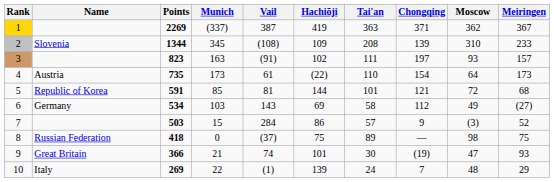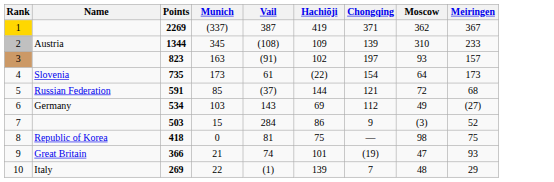 <table class="wikitable sortable">
 <tr>
 <th>Rank</th>
 <th width = "200">Name</th>
 <th>Points</th>
 <th width = "75" data-sort-type="number"><a href='#'>Munich</a></th>
 <th width = "75" data-sort-type="number"><a href='#'>Vail</a></th>
 <th width = "75" data-sort-type="number"><a href='#'>Hachiōji</a></th>
-<th width = "75" data-sort-type="number"><a href='#'>Tai'an</a></th>
 <th width = "75" data-sort-type="number"><a href='#'>Chongqing</a></th>
 <th width = "75" data-sort-type="number">Moscow</th>
 <th width = "75" data-sort-type="number"><a href='#'>Meiringen</a></th>
 </tr>
 <tr>
 <td align="center" style="background: gold">1</td>
 <td></td>
 <td align="center"><strong>2269</strong></td>
 <td align="center">(337)</td>
 <td align="center">387</td>
 <td align="center">419</td>
-<td align="center">363</td>
 <td align="center">371</td>
 <td align="center">362</td>
 <td align="center">367</td>
 </tr>
 <tr>
 <td align="center" style="background: silver">2</td>
-<td> <a href='#'>Slovenia</a></td>
+<td> Austria</td>
 <td align="center"><strong>1344</strong></td>
 <td align="center">345</td>
 <td align="center">(108)</td>
 <td align="center">109</td>
-<td align="center">208</td>
 <td align="center">139</td>
 <td align="center">310</td>
 <td align="center">233</td>
 </tr>
 <tr>
 <td align="center" style="background: #cc9966">3</td>
 <td></td>
 <td align="center"><strong>823</strong></td>
 <td align="center">163</td>
 <td align="center">(91)</td>
 <td align="center">102</td>
-<td align="center">111</td>
 <td align="center">197</td>
 <td align="center">93</td>
 <td align="center">157</td>
 </tr>
 <tr>
 <td align="center">4</td>
-<td> Austria</td>
+<td> <a href='#'>Slovenia</a></td>
 <td align="center"><strong>735</strong></td>
 <td align="center">173</td>
 <td align="center">61</td>
 <td align="center">(22)</td>
-<td align="center">110</td>
 <td align="center">154</td>
 <td align="center">64</td>
 <td align="center">173</td>
 </tr>
 <tr>
 <td align="center">5</td>
-<td> <a href='#'>Republic of Korea</a></td>
+<td> <a href='#'>Russian Federation</a></td>
 <td align="center"><strong>591</strong></td>
 <td align="center">85</td>
-<td align="center">81</td>
+<td align="center">(37)</td>
 <td align="center">144</td>
-<td align="center">101</td>
 <td align="center">121</td>
 <td align="center">72</td>
 <td align="center">68</td>
 </tr>
 <tr>
 <td align="center">6</td>
 <td> Germany</td>
 <td align="center"><strong>534</strong></td>
 <td align="center">103</td>
 <td align="center">143</td>
 <td align="center">69</td>
-<td align="center">58</td>
 <td align="center">112</td>
 <td align="center">49</td>
 <td align="center">(27)</td>
 </tr>
 <tr>
 <td align="center">7</td>
 <td></td>
 <td align="center"><strong>503</strong></td>
 <td align="center">15</td>
 <td align="center">284</td>
 <td align="center">86</td>
-<td align="center">57</td>
 <td align="center">9</td>
 <td align="center">(3)</td>
 <td align="center">52</td>
 </tr>
 <tr>
 <td align="center">8</td>
-<td> <a href='#'>Russian Federation</a></td>
+<td> <a href='#'>Republic of Korea</a></td>
 <td align="center"><strong>418</strong></td>
 <td align="center">0</td>
-<td align="center">(37)</td>
+<td align="center">81</td>
 <td align="center">75</td>
-<td align="center">89</td>
 <td align="center">—</td>
 <td align="center">98</td>
 <td align="center">75</td>
 </tr>
 <tr>
 <td align="center">9</td>
 <td> <a href='#'>Great Britain</a></td>
 <td align="center"><strong>366</strong></td>
 <td align="center">21</td>
 <td align="center">74</td>
 <td align="center">101</td>
-<td align="center">30</td>
 <td align="center">(19)</td>
 <td align="center">47</td>
 <td align="center">93</td>
 </tr>
 <tr>
 <td align="center">10</td>
 <td> Italy</td>
 <td align="center"><strong>269</strong></td>
 <td align="center">22</td>
 <td align="center">(1)</td>
 <td align="center">139</td>
-<td align="center">24</td>
 <td align="center">7</td>
 <td align="center">48</td>
 <td align="center">29</td>
 </tr>
 </table>
